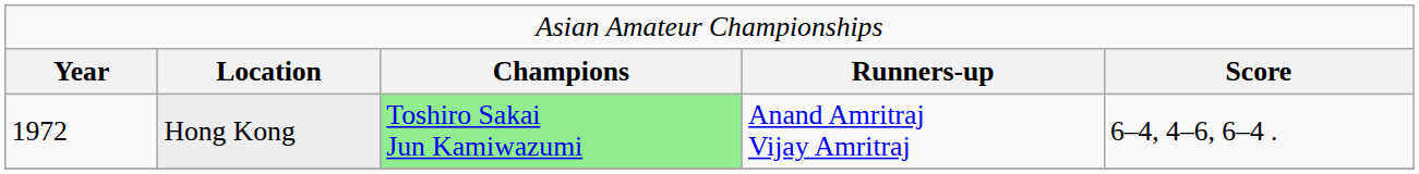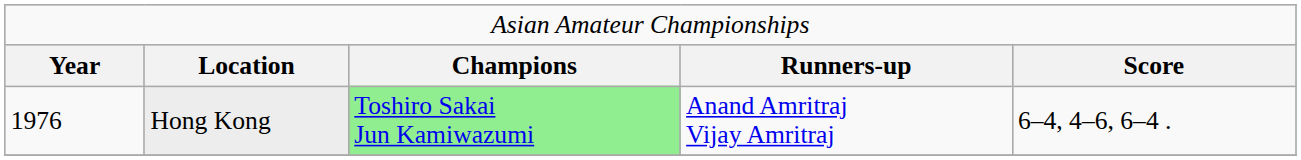 <table class="wikitable">
 <tr>
 <td colspan=5 align=center><em>Asian Amateur Championships</em></td>
 </tr>
 <tr>
 <th style="width:80px">Year</th>
 <th style="width:120px">Location</th>
 <th style="width:200px">Champions</th>
 <th style="width:200px">Runners-up</th>
 <th style="width:170px" class="unsortable">Score</th>
 </tr>
 <tr>
-<td>1972</td>
+<td>1976</td>
 <td style="background:#ededed">Hong Kong</td>
 <td style="background: lightgreen;"> <a href='#'>Toshiro Sakai</a><br> <a href='#'>Jun Kamiwazumi</a></td>
 <td> <a href='#'>Anand Amritraj</a><br> <a href='#'>Vijay Amritraj</a></td>
 <td>6–4, 4–6, 6–4 .</td>
 </tr>
 <tr>
 </tr>
 </table>
